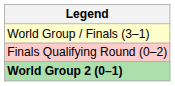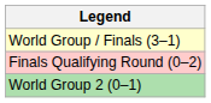 <table class="wikitable" style="font-size:90%">
 <tr>
 <th>Legend</th>
 </tr>
 <tr bgcolor="ffffcc">
 <td>World Group / Finals (3–1)</td>
 </tr>
 <tr bgcolor="ffcccc">
 <td>Finals Qualifying Round (0–2)</td>
 </tr>
 <tr bgcolor="addfad">
-<td><strong>World Group 2 (0–1)</strong></td>
+<td>World Group 2 (0–1)</td>
 </tr>
 </table>
